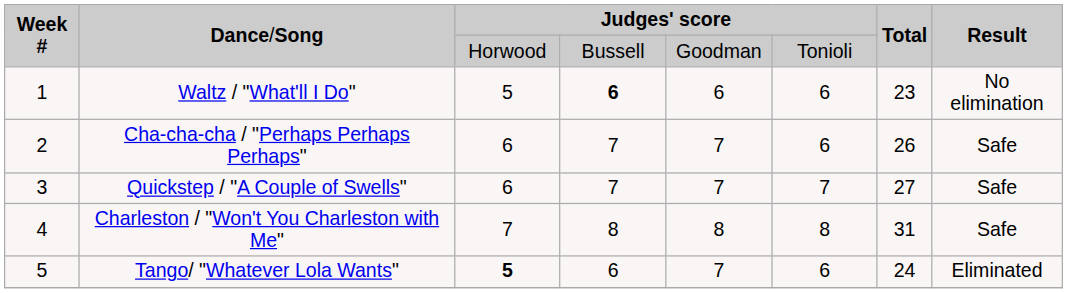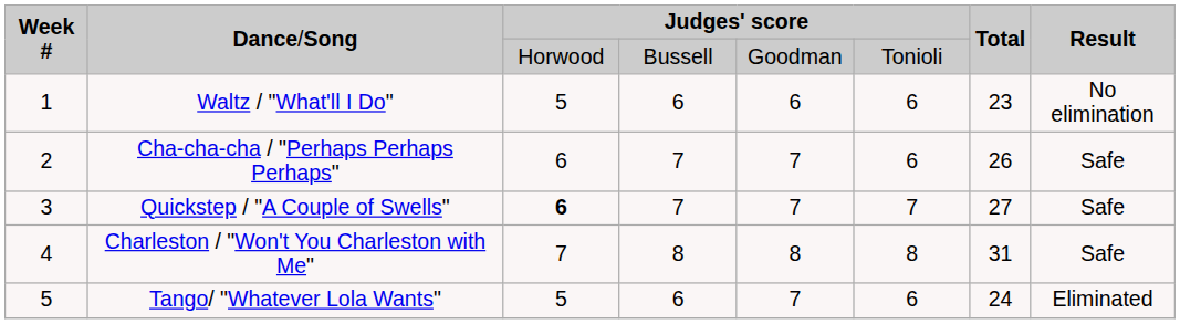 <table class="wikitable" style="margin:left;">
 <tr style="text-align:Center; background:#ccc;">
 <td rowspan="2"><strong>Week #</strong></td>
 <td rowspan="2"><strong>Dance</strong>/<strong>Song</strong></td>
 <td colspan="4"><strong>Judges' score</strong></td>
 <td rowspan="2"><strong>Total</strong></td>
 <td rowspan="2"><strong>Result</strong></td>
 </tr>
 <tr style="text-align:center; background:#ccc;">
 <td style="width:10%; ">Horwood</td>
 <td style="width:10%; ">Bussell</td>
 <td style="width:10%; ">Goodman</td>
 <td style="width:10%; ">Tonioli</td>
 </tr>
 <tr style="text-align:center; background:#faf6f6;">
 <td>1</td>
 <td><a href='#'>Waltz</a> / "<a href='#'>What'll I Do</a>"</td>
 <td>5</td>
-<td><strong>6</strong></td>
+<td>6</td>
 <td>6</td>
 <td>6</td>
 <td>23</td>
 <td>No elimination</td>
 </tr>
 <tr style="text-align:center; background:#faf6f6;">
 <td>2</td>
 <td><a href='#'>Cha-cha-cha</a> / "<a href='#'>Perhaps Perhaps Perhaps</a>"</td>
 <td>6</td>
 <td>7</td>
 <td>7</td>
 <td>6</td>
 <td>26</td>
 <td>Safe</td>
 </tr>
 <tr style="text-align:center; background:#faf6f6;">
 <td>3</td>
 <td><a href='#'>Quickstep</a> / "<a href='#'>A Couple of Swells</a>"</td>
-<td>6</td>
+<td><strong>6</strong></td>
 <td>7</td>
 <td>7</td>
 <td>7</td>
 <td>27</td>
 <td>Safe</td>
 </tr>
 <tr style="text-align:center; background:#faf6f6;">
 <td>4</td>
 <td><a href='#'>Charleston</a> / "<a href='#'>Won't You Charleston with Me</a>"</td>
 <td>7</td>
 <td>8</td>
 <td>8</td>
 <td>8</td>
 <td>31</td>
 <td>Safe</td>
 </tr>
 <tr style="text-align:center; background:#faf6f6;">
 <td>5</td>
 <td><a href='#'>Tango</a>/ "<a href='#'>Whatever Lola Wants</a>"</td>
-<td><strong>5</strong></td>
+<td>5</td>
 <td>6</td>
 <td>7</td>
 <td>6</td>
 <td>24</td>
 <td>Eliminated</td>
 </tr>
 <tr style="text-align:center; background:#faf6f6;">
 </tr>
 </table>
